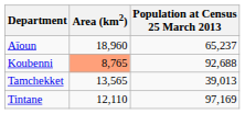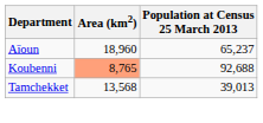 <table class="sortable wikitable" | style="clear:right; float:right;">
 <tr>
 <th>Department</th>
 <th>Area (km<sup>2</sup>)</th>
 <th>Population at Census <br> 25 March 2013</th>
 </tr>
 <tr>
 <td><a href='#'>Aïoun</a></td>
 <td align="right">18,960</td>
 <td align="right">65,237</td>
 </tr>
 <tr>
 <td><a href='#'>Koubenni</a></td>
 <td align="right" style="background: lightsalmon;">8,765</td>
 <td align="right">92,688</td>
 </tr>
 <tr>
 <td><a href='#'>Tamchekket</a></td>
-<td align="right">13,565</td>
+<td align="right">13,568</td>
 <td align="right">39,013</td>
 </tr>
-<tr>
-<td><a href='#'>Tintane</a></td>
-<td align="right">12,110</td>
-<td align="right">97,169</td>
-</tr>
 </table>
